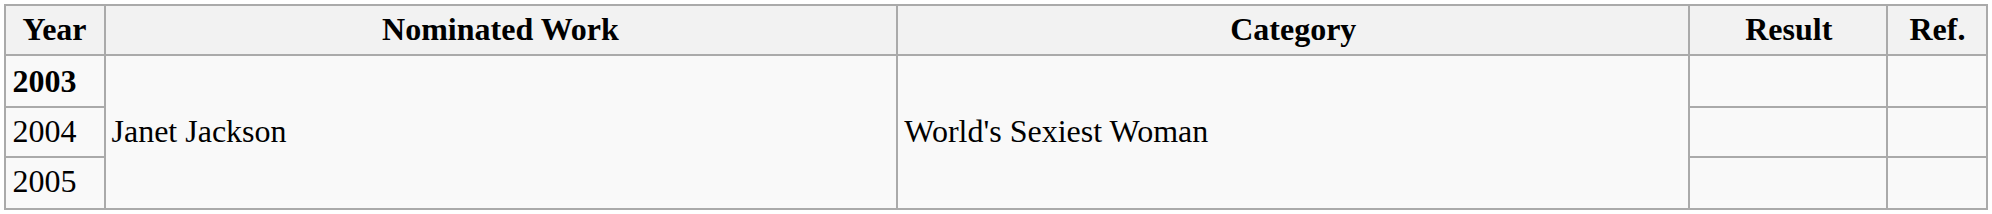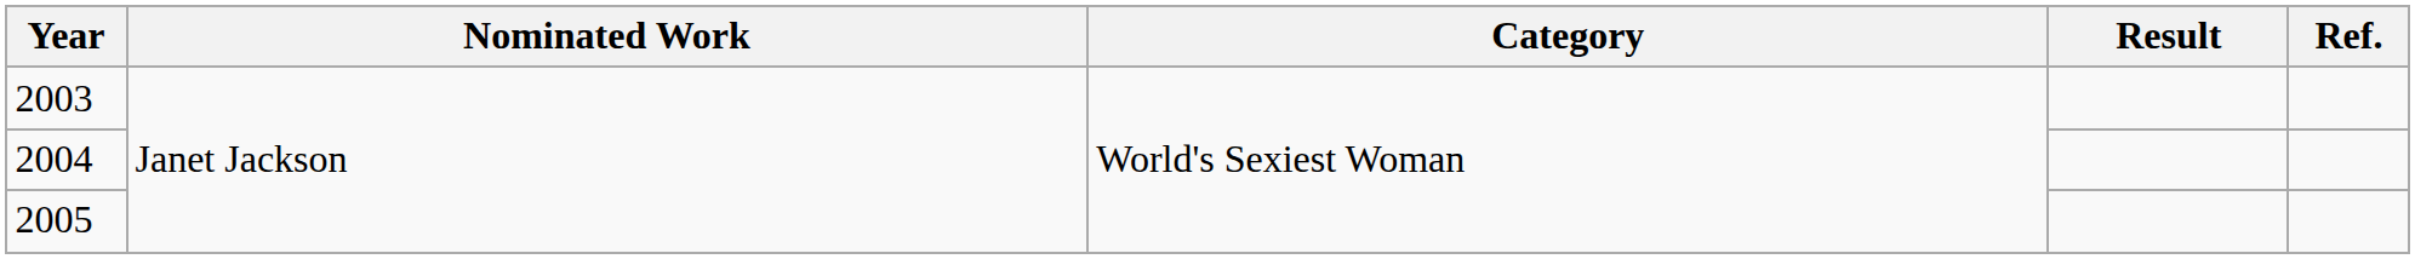 <table class="wikitable" width="50%">
 <tr>
 <th width="5%">Year</th>
 <th width="40%">Nominated Work</th>
 <th width="40%">Category</th>
 <th width="10%">Result</th>
 <th width="5%">Ref.</th>
 </tr>
 <tr>
-<td><strong>2003</strong></td>
+<td>2003</td>
 <td rowspan="3">Janet Jackson</td>
 <td rowspan="3">World's Sexiest Woman</td>
 <td></td>
 <td></td>
 </tr>
 <tr>
 <td>2004</td>
 <td></td>
 <td></td>
 </tr>
 <tr>
 <td>2005</td>
 <td></td>
 <td></td>
 </tr>
 </table>
